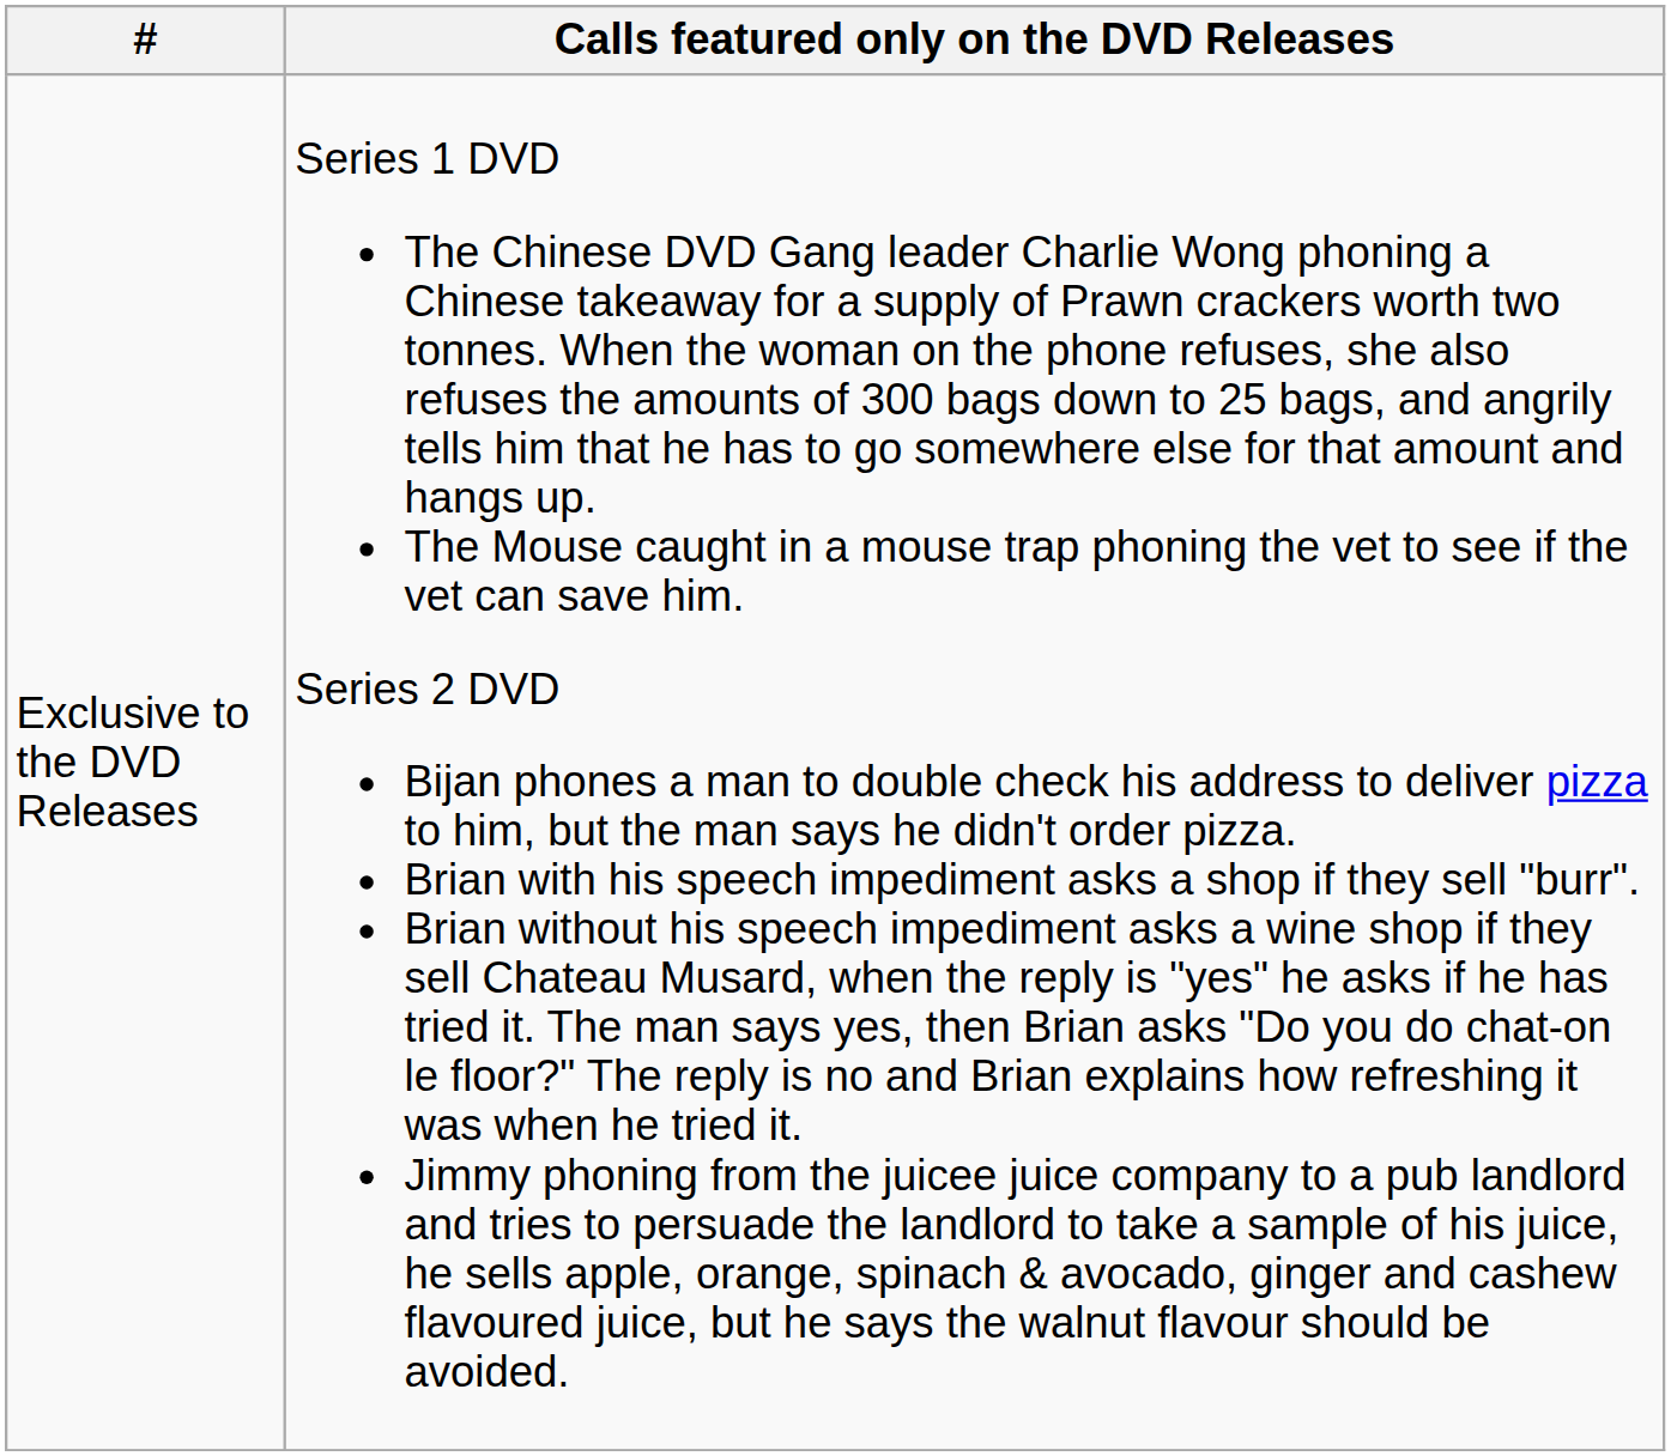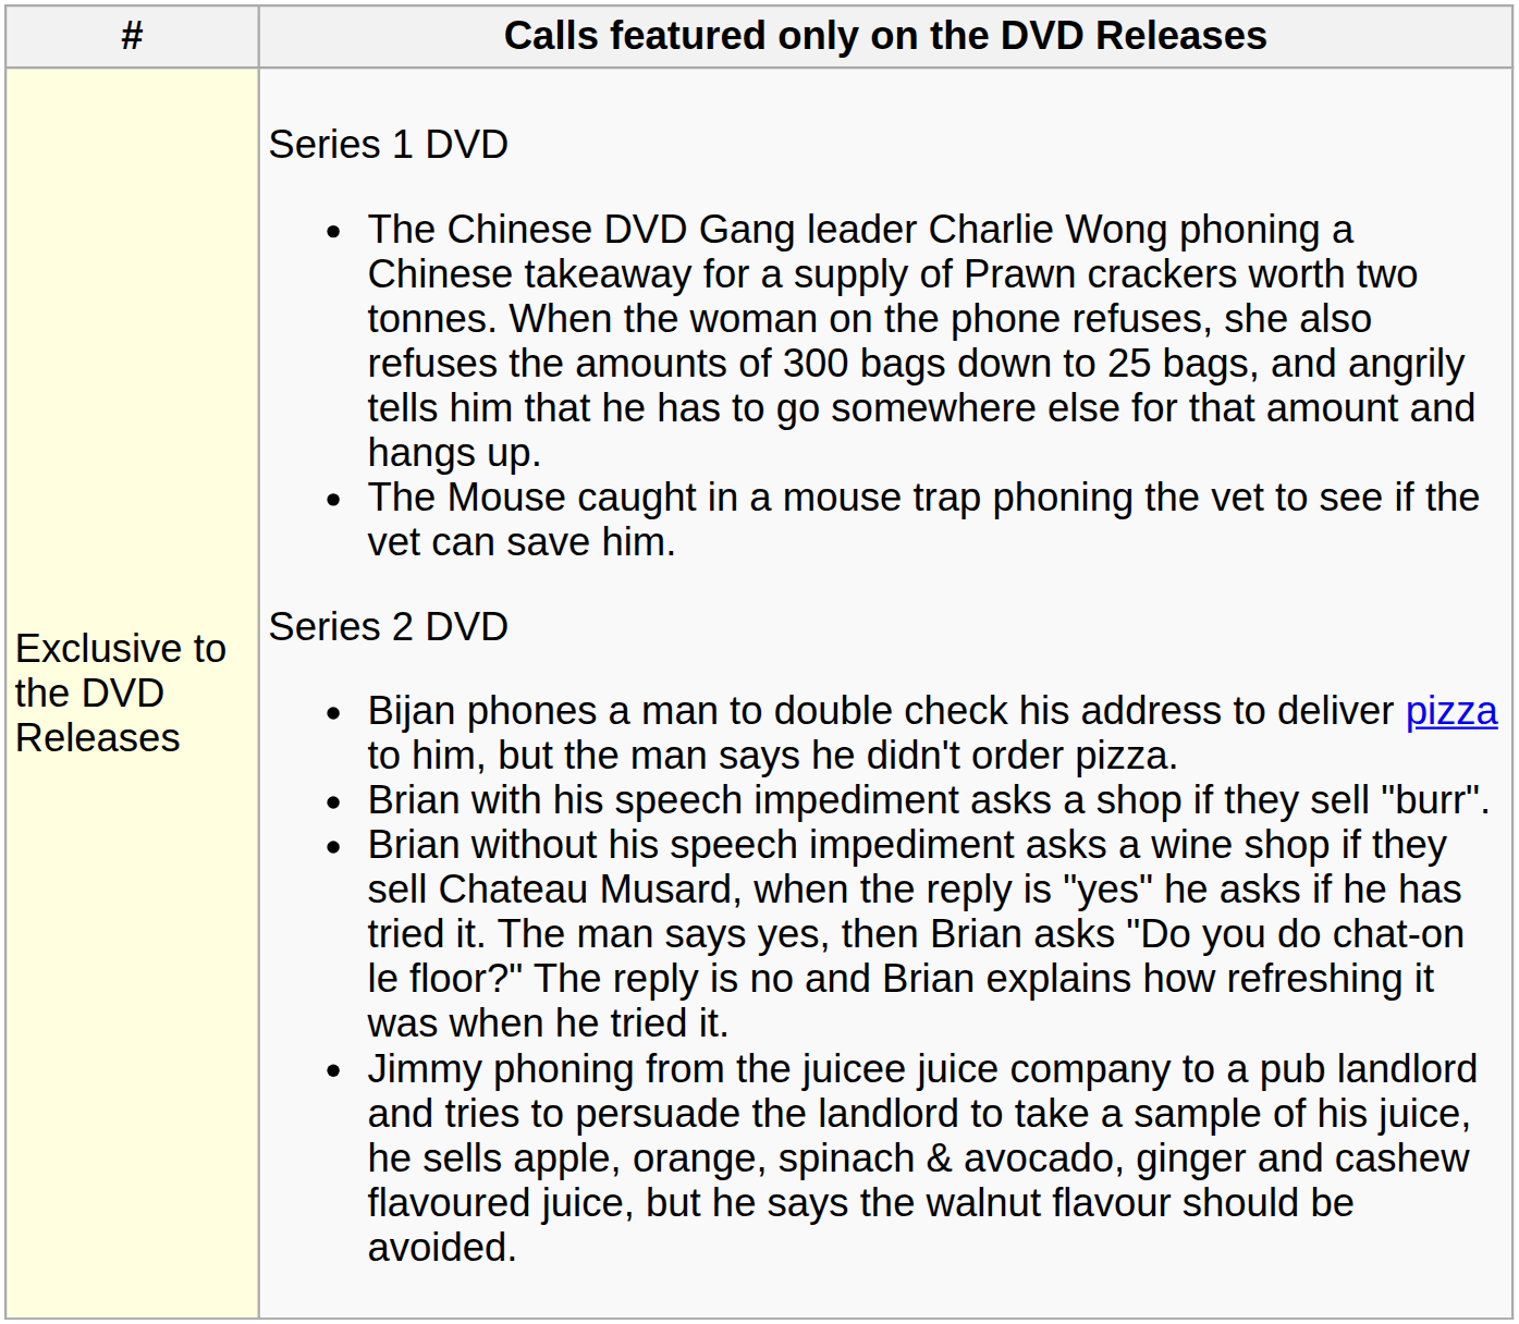 <table class="wikitable">
 <tr>
 <th>#</th>
 <th>Calls featured only on the DVD Releases</th>
 </tr>
 <tr>
-<td>Exclusive to the DVD Releases</td>
+<td style="background: lightyellow;">Exclusive to the DVD Releases</td>
 <td><br>Series 1 DVD<ul><li>The Chinese DVD Gang leader Charlie Wong phoning a Chinese takeaway for a supply of Prawn crackers worth two tonnes. When the woman on the phone refuses, she also refuses the amounts of 300 bags down to 25 bags, and angrily tells him that he has to go somewhere else for that amount and hangs up.</li><li>The Mouse caught in a mouse trap phoning the vet to see if the vet can save him.</li></ul>Series 2 DVD<ul><li>Bijan phones a man to double check his address to deliver <a href='#'>pizza</a> to him, but the man says he didn't order pizza.</li><li>Brian with his speech impediment asks a shop if they sell "burr".</li><li>Brian without his speech impediment asks a wine shop if they sell Chateau Musard, when the reply is "yes" he asks if he has tried it. The man says yes, then Brian asks "Do you do chat-on le floor?" The reply is no and Brian explains how refreshing it was when he tried it.</li><li>Jimmy phoning from the juicee juice company to a pub landlord and tries to persuade the landlord to take a sample of his juice, he sells apple, orange, spinach & avocado, ginger and cashew flavoured juice, but he says the walnut flavour should be avoided.</li></ul></td>
 </tr>
 </table>
